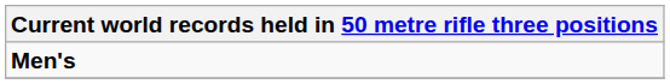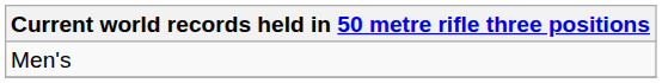 <table class="wikitable" style="font-size: 95%">
 <tr>
 <th colspan=7>Current world records held in <a href='#'>50 metre rifle three positions</a></th>
 </tr>
 <tr>
-<td><strong>Men's<br></strong></td>
+<td>Men's<br></td>
 </tr>
 <tr>
 </tr>
 </table>
